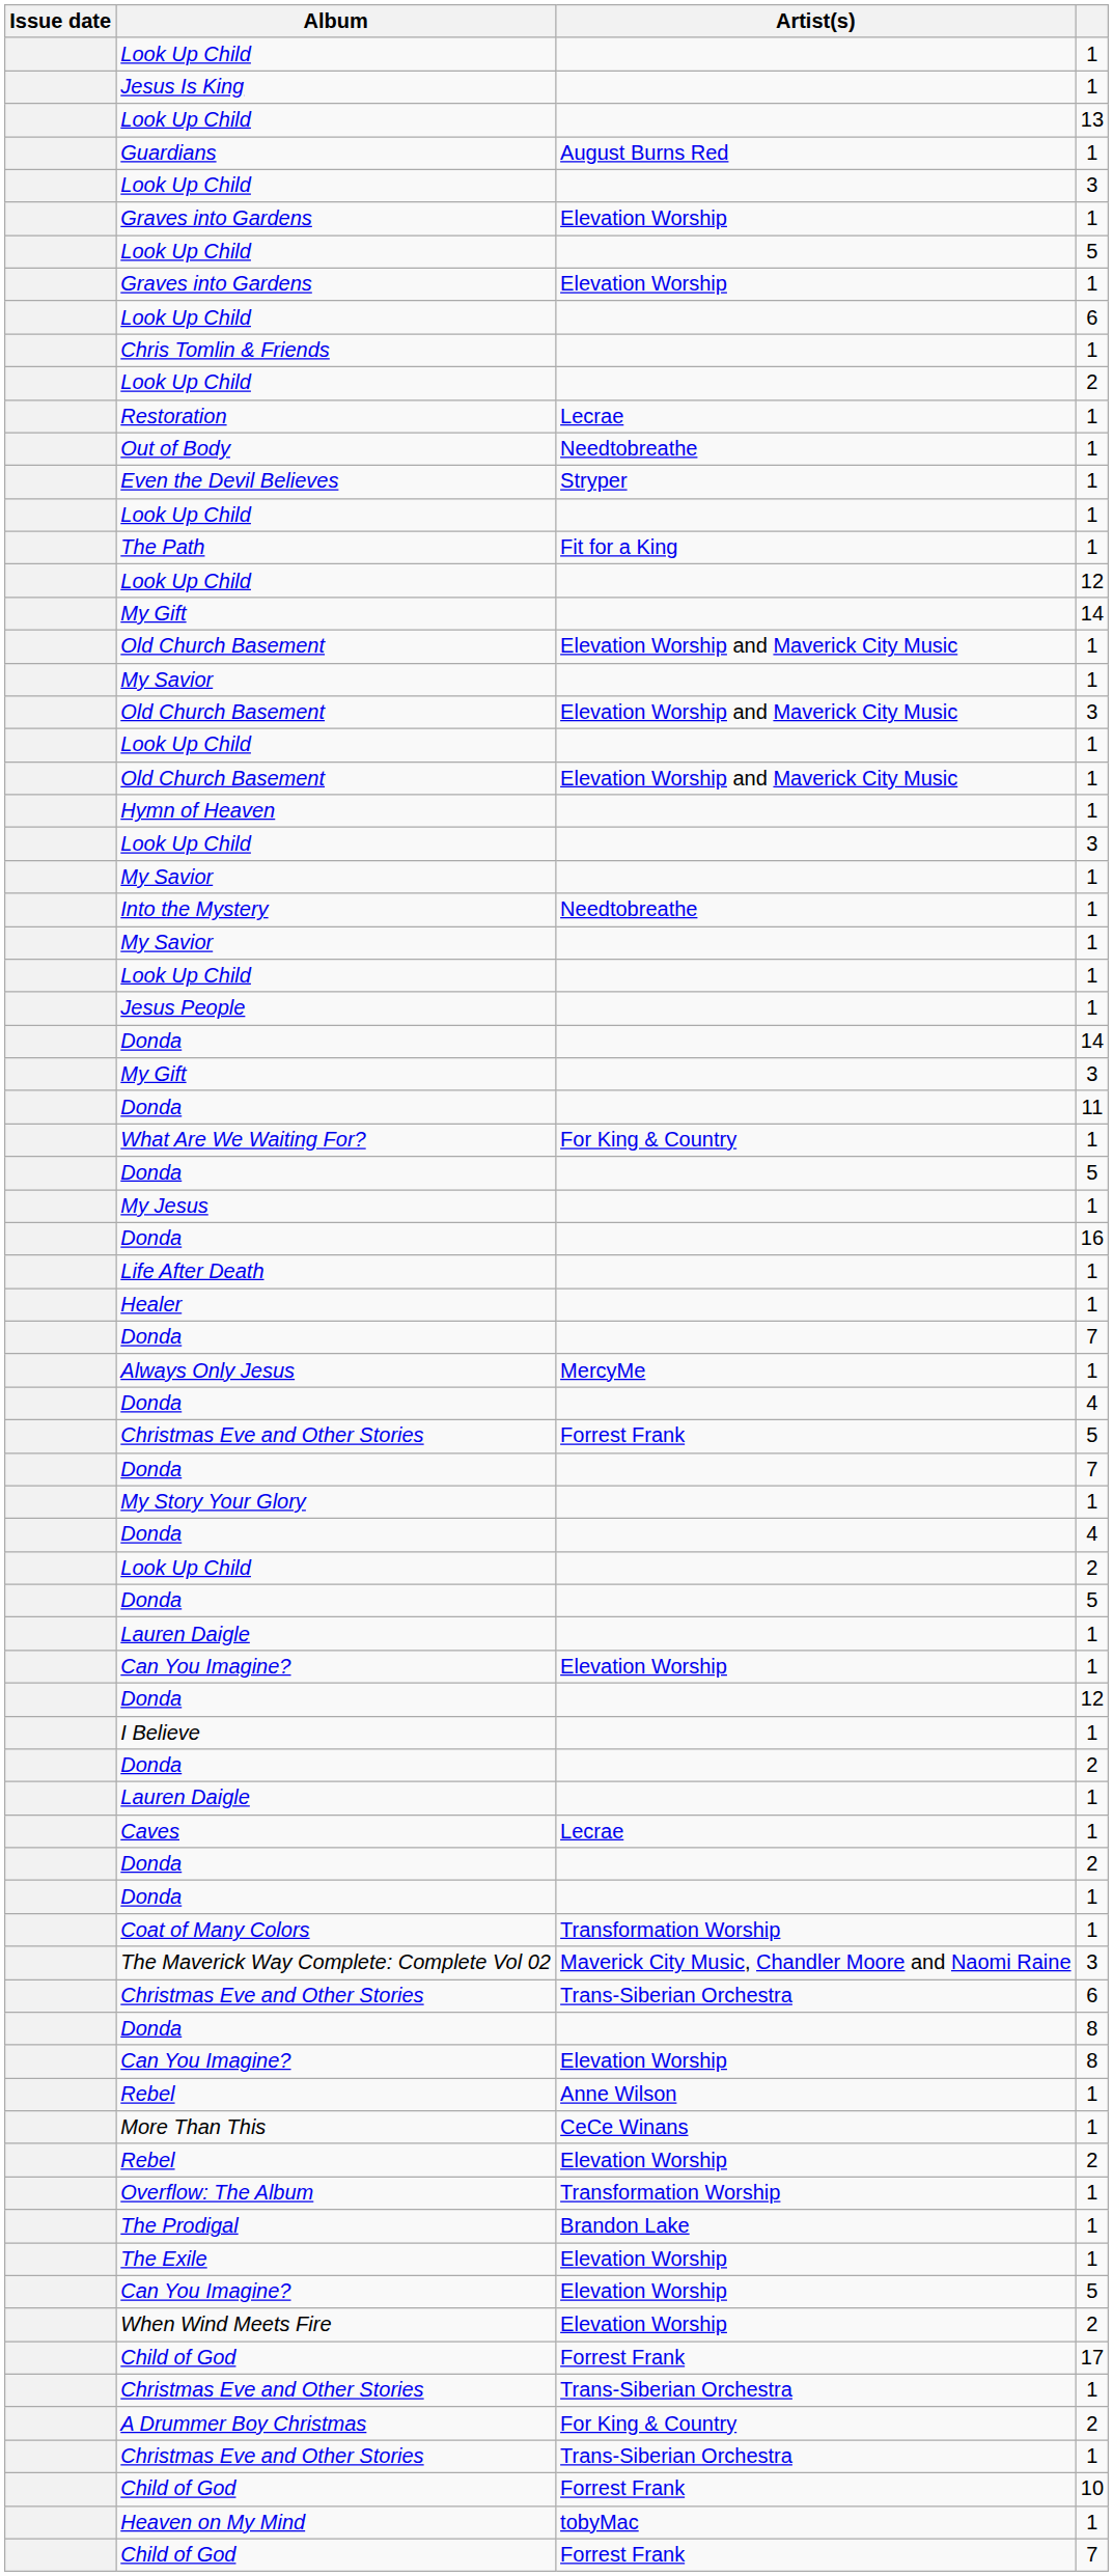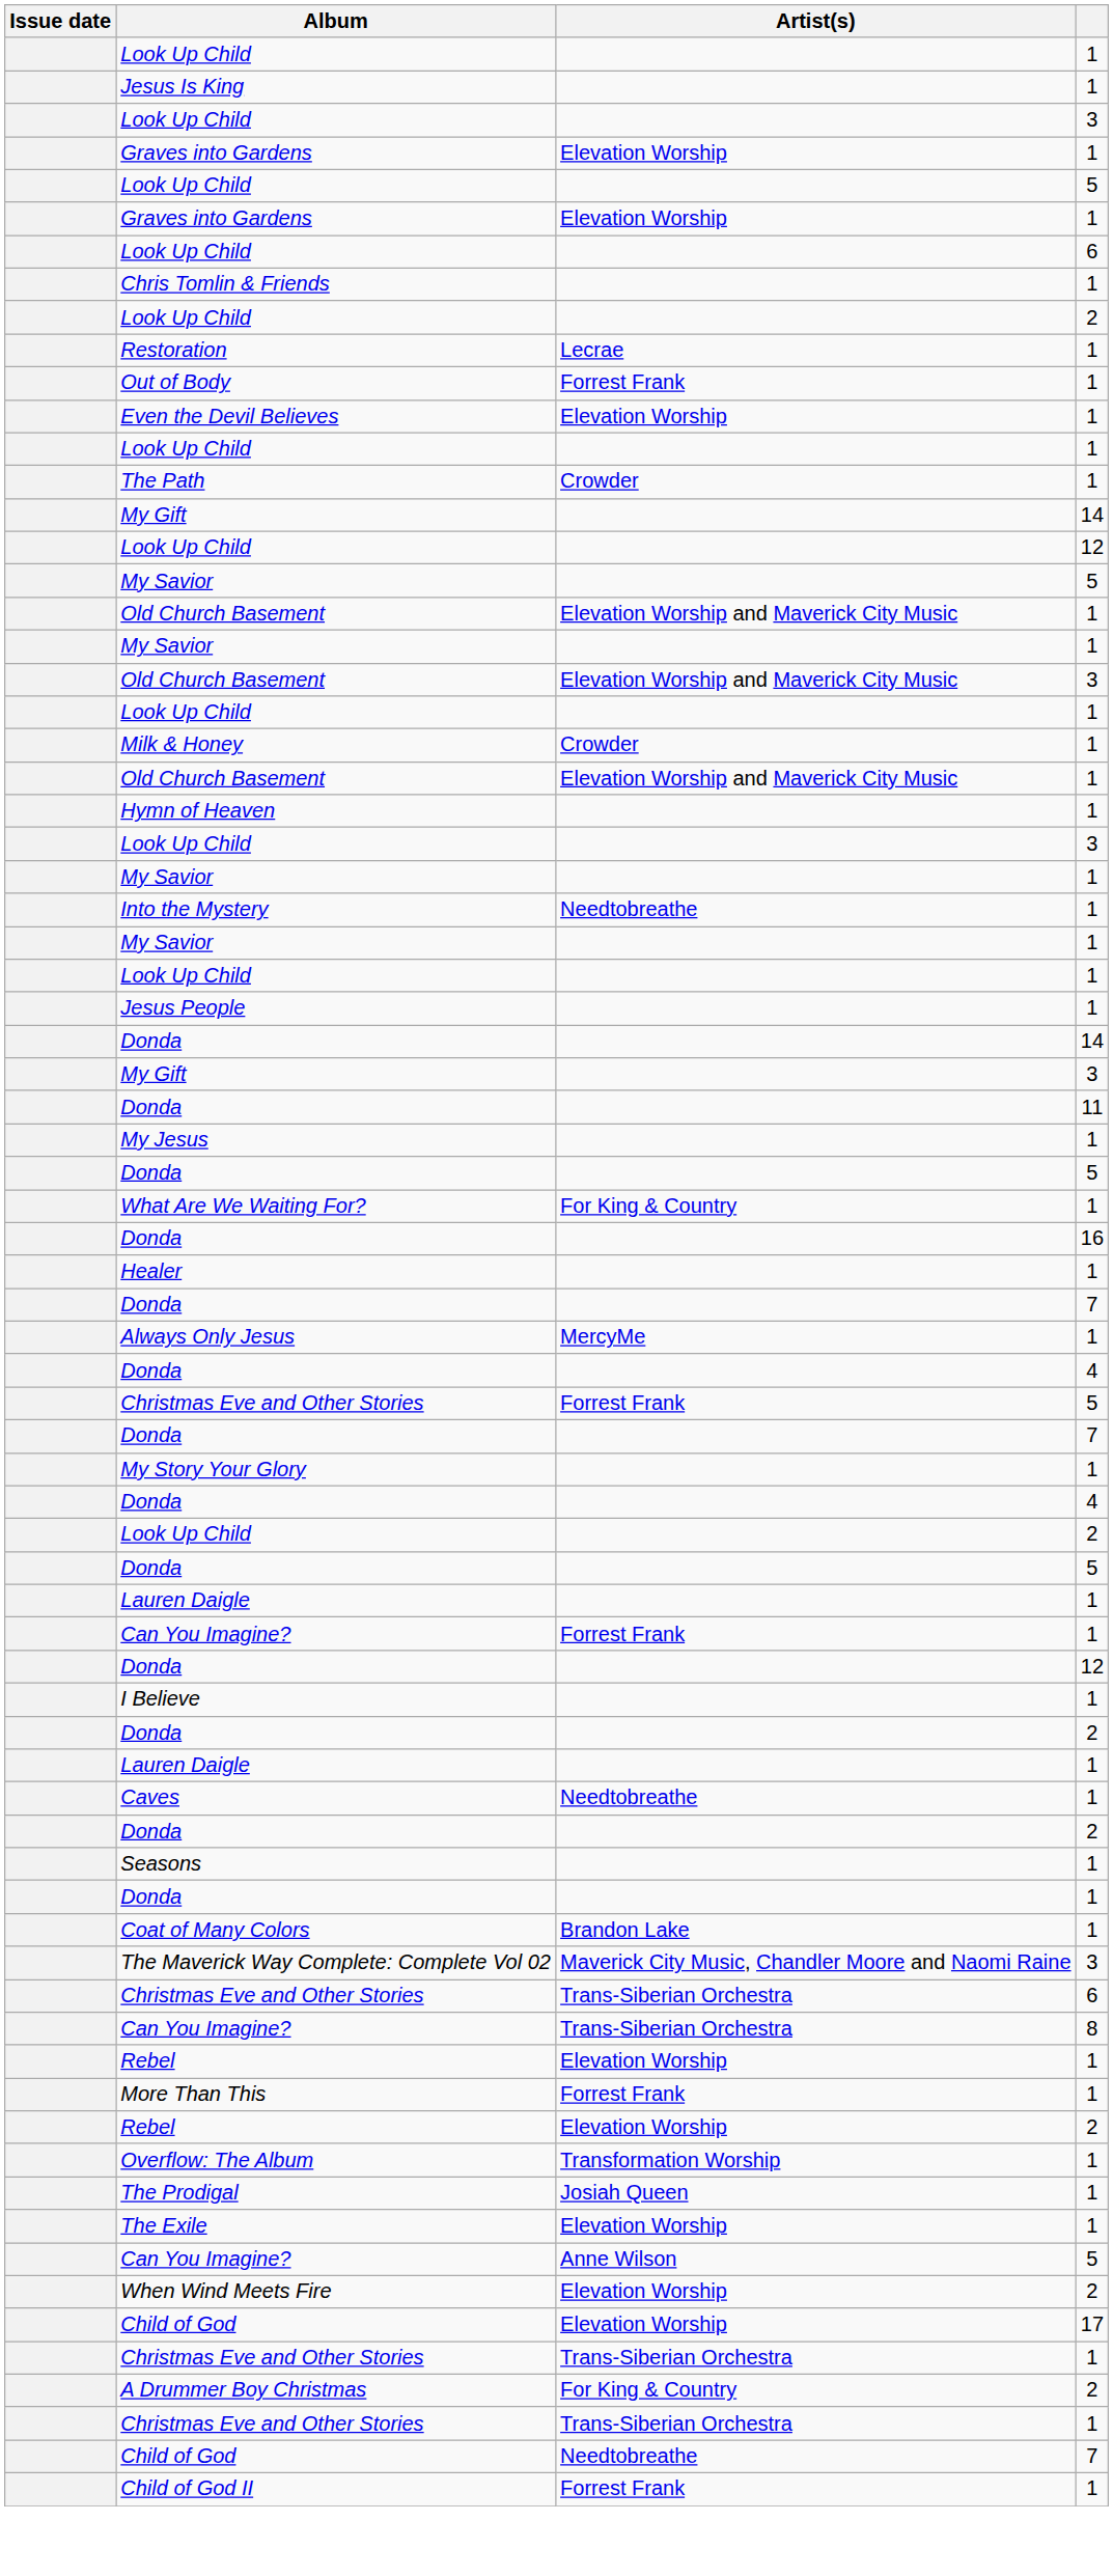 <table class="wikitable sortable plainrowheaders">
 <tr>
 <th scope=col>Issue date</th>
 <th scope=col>Album</th>
 <th scope=col>Artist(s)</th>
 <th scope=col></th>
 </tr>
 <tr>
 <th scope="row"></th>
 <td><em><a href='#'>Look Up Child</a></em></td>
 <td></td>
 <td style="text-align: center;">1</td>
 </tr>
 <tr>
 <th scope="row"></th>
 <td><em><a href='#'>Jesus Is King</a></em></td>
 <td></td>
-<td style="text-align: center;">1</td>
-</tr>
-<tr>
-<th scope="row"></th>
-<td><em><a href='#'>Look Up Child</a></em></td>
-<td></td>
-<td style="text-align: center;">13</td>
-</tr>
-<tr>
-<th scope="row"></th>
-<td><em><a href='#'>Guardians</a></em></td>
-<td><a href='#'>August Burns Red</a></td>
 <td style="text-align: center;">1</td>
 </tr>
 <tr>
 <th scope="row"></th>
 <td><em><a href='#'>Look Up Child</a></em></td>
 <td></td>
 <td style="text-align: center;">3</td>
 </tr>
 <tr>
 <th scope="row"></th>
 <td><em><a href='#'>Graves into Gardens</a></em></td>
 <td><a href='#'>Elevation Worship</a></td>
 <td style="text-align: center;">1</td>
 </tr>
 <tr>
 <th scope="row"></th>
 <td><em><a href='#'>Look Up Child</a></em></td>
 <td></td>
 <td style="text-align: center;">5</td>
 </tr>
 <tr>
 <th scope="row"></th>
 <td><em><a href='#'>Graves into Gardens</a></em></td>
 <td><a href='#'>Elevation Worship</a></td>
 <td style="text-align: center;">1</td>
 </tr>
 <tr>
 <th scope="row"></th>
 <td><em><a href='#'>Look Up Child</a></em></td>
 <td></td>
 <td style="text-align: center;">6</td>
 </tr>
 <tr>
 <th scope="row"></th>
 <td><em><a href='#'>Chris Tomlin & Friends</a></em></td>
 <td></td>
 <td style="text-align: center;">1</td>
 </tr>
 <tr>
 <th scope="row"></th>
 <td><em><a href='#'>Look Up Child</a></em></td>
 <td></td>
 <td style="text-align: center;">2</td>
 </tr>
 <tr>
 <th scope="row"></th>
 <td><em><a href='#'>Restoration</a></em></td>
 <td><a href='#'>Lecrae</a></td>
 <td style="text-align: center;">1</td>
 </tr>
 <tr>
 <th scope="row"></th>
 <td><em><a href='#'>Out of Body</a></em></td>
-<td><a href='#'>Needtobreathe</a></td>
+<td><a href='#'>Forrest Frank</a></td>
 <td style="text-align: center;">1</td>
 </tr>
 <tr>
 <th scope="row"></th>
 <td><em><a href='#'>Even the Devil Believes</a></em></td>
-<td><a href='#'>Stryper</a></td>
+<td><a href='#'>Elevation Worship</a></td>
 <td style="text-align: center;">1</td>
 </tr>
 <tr>
 <th scope="row"></th>
 <td><em><a href='#'>Look Up Child</a></em></td>
 <td></td>
 <td style="text-align: center;">1</td>
 </tr>
 <tr>
 <th scope="row"></th>
 <td><em><a href='#'>The Path</a></em></td>
-<td><a href='#'>Fit for a King</a></td>
+<td><a href='#'>Crowder</a></td>
 <td style="text-align: center;">1</td>
+</tr>
+<tr>
+<th scope="row"></th>
+<td><em><a href='#'>My Gift</a></em></td>
+<td></td>
+<td style="text-align: center;">14</td>
 </tr>
 <tr>
 <th scope="row"></th>
 <td><em><a href='#'>Look Up Child</a></em></td>
 <td></td>
 <td style="text-align: center;">12</td>
 </tr>
 <tr>
 <th scope="row"></th>
-<td><em><a href='#'>My Gift</a></em></td>
+<td><em><a href='#'>My Savior</a></em></td>
 <td></td>
-<td style="text-align: center;">14</td>
+<td style="text-align: center;">5</td>
 </tr>
 <tr>
 <th scope="row"></th>
 <td><em><a href='#'>Old Church Basement</a></em></td>
 <td><a href='#'>Elevation Worship</a> and <a href='#'>Maverick City Music</a></td>
 <td style="text-align: center;">1</td>
 </tr>
 <tr>
 <th scope="row"></th>
 <td><em><a href='#'>My Savior</a></em></td>
 <td></td>
 <td style="text-align: center;">1</td>
 </tr>
 <tr>
 <th scope="row"></th>
 <td><em><a href='#'>Old Church Basement</a></em></td>
 <td><a href='#'>Elevation Worship</a> and <a href='#'>Maverick City Music</a></td>
 <td style="text-align: center;">3</td>
 </tr>
 <tr>
 <th scope="row"></th>
 <td><em><a href='#'>Look Up Child</a></em></td>
 <td></td>
+<td style="text-align: center;">1</td>
+</tr>
+<tr>
+<th scope="row"></th>
+<td><em><a href='#'>Milk & Honey</a></em></td>
+<td><a href='#'>Crowder</a></td>
 <td style="text-align: center;">1</td>
 </tr>
 <tr>
 <th scope="row"></th>
 <td><em><a href='#'>Old Church Basement</a></em></td>
 <td><a href='#'>Elevation Worship</a> and <a href='#'>Maverick City Music</a></td>
 <td style="text-align: center;">1</td>
 </tr>
 <tr>
 <th scope="row"></th>
 <td><em><a href='#'>Hymn of Heaven</a></em></td>
 <td></td>
 <td style="text-align: center;">1</td>
 </tr>
 <tr>
 <th scope="row"></th>
 <td><em><a href='#'>Look Up Child</a></em></td>
 <td></td>
 <td style="text-align: center;">3</td>
 </tr>
 <tr>
 <th scope="row"></th>
 <td><em><a href='#'>My Savior</a></em></td>
 <td></td>
 <td style="text-align: center;">1</td>
 </tr>
 <tr>
 <th scope="row"></th>
 <td><em><a href='#'>Into the Mystery</a></em></td>
 <td><a href='#'>Needtobreathe</a></td>
 <td style="text-align: center;">1</td>
 </tr>
 <tr>
 <th scope="row"></th>
 <td><em><a href='#'>My Savior</a></em></td>
 <td></td>
 <td style="text-align: center;">1</td>
 </tr>
 <tr>
 <th scope="row"></th>
 <td><em><a href='#'>Look Up Child</a></em></td>
 <td></td>
 <td style="text-align: center;">1</td>
 </tr>
 <tr>
 <th scope="row"></th>
 <td><em><a href='#'>Jesus People</a></em></td>
 <td></td>
 <td style="text-align: center;">1</td>
 </tr>
 <tr>
 <th scope="row"></th>
 <td><em><a href='#'>Donda</a></em></td>
 <td></td>
 <td style="text-align: center;">14</td>
 </tr>
 <tr>
 <th scope="row"></th>
 <td><em><a href='#'>My Gift</a></em></td>
 <td></td>
 <td style="text-align: center;">3</td>
 </tr>
 <tr>
 <th scope="row"></th>
 <td><em><a href='#'>Donda</a></em></td>
 <td></td>
 <td style="text-align: center;">11</td>
 </tr>
 <tr>
 <th scope="row"></th>
-<td><em><a href='#'>What Are We Waiting For?</a></em></td>
-<td><a href='#'>For King & Country</a></td>
+<td><em><a href='#'>My Jesus</a></em></td>
+<td></td>
 <td style="text-align: center;">1</td>
 </tr>
 <tr>
 <th scope="row"></th>
 <td><em><a href='#'>Donda</a></em></td>
 <td></td>
 <td style="text-align: center;">5</td>
 </tr>
 <tr>
 <th scope="row"></th>
-<td><em><a href='#'>My Jesus</a></em></td>
-<td></td>
+<td><em><a href='#'>What Are We Waiting For?</a></em></td>
+<td><a href='#'>For King & Country</a></td>
 <td style="text-align: center;">1</td>
 </tr>
 <tr>
 <th scope="row"></th>
 <td><em><a href='#'>Donda</a></em></td>
 <td></td>
 <td style="text-align: center;">16</td>
-</tr>
-<tr>
-<th scope="row"></th>
-<td><em><a href='#'>Life After Death</a></em></td>
-<td></td>
-<td style="text-align: center;">1</td>
 </tr>
 <tr>
 <th scope="row"></th>
 <td><em><a href='#'>Healer</a></em></td>
 <td></td>
 <td style="text-align: center;">1</td>
 </tr>
 <tr>
 <th scope="row"></th>
 <td><em><a href='#'>Donda</a></em></td>
 <td></td>
 <td style="text-align: center;">7</td>
 </tr>
 <tr>
 <th scope="row"></th>
 <td><em><a href='#'>Always Only Jesus</a></em></td>
 <td><a href='#'>MercyMe</a></td>
 <td style="text-align: center;">1</td>
 </tr>
 <tr>
 <th scope="row"></th>
 <td><em><a href='#'>Donda</a></em></td>
 <td></td>
 <td style="text-align: center;">4</td>
 </tr>
 <tr>
 <th scope="row"></th>
 <td><em><a href='#'>Christmas Eve and Other Stories</a></em></td>
 <td><a href='#'>Forrest Frank</a></td>
 <td style="text-align: center;">5</td>
 </tr>
 <tr>
 <th scope="row"></th>
 <td><em><a href='#'>Donda</a></em></td>
 <td></td>
 <td style="text-align: center;">7</td>
 </tr>
 <tr>
 <th scope="row"></th>
 <td><em><a href='#'>My Story Your Glory</a></em></td>
 <td></td>
 <td style="text-align: center;">1</td>
 </tr>
 <tr>
 <th scope="row"></th>
 <td><em><a href='#'>Donda</a></em></td>
 <td></td>
 <td style="text-align: center;">4</td>
 </tr>
 <tr>
 <th scope="row"></th>
 <td><em><a href='#'>Look Up Child</a></em></td>
 <td></td>
 <td style="text-align: center;">2</td>
 </tr>
 <tr>
 <th scope="row"></th>
 <td><em><a href='#'>Donda</a></em></td>
 <td></td>
 <td style="text-align: center;">5</td>
 </tr>
 <tr>
 <th scope="row"></th>
 <td><em><a href='#'>Lauren Daigle</a></em></td>
 <td></td>
 <td style="text-align: center;">1</td>
 </tr>
 <tr>
 <th scope="row"></th>
 <td><em><a href='#'>Can You Imagine?</a></em></td>
-<td><a href='#'>Elevation Worship</a></td>
+<td><a href='#'>Forrest Frank</a></td>
 <td style="text-align: center;">1</td>
 </tr>
 <tr>
 <th scope="row"></th>
 <td><em><a href='#'>Donda</a></em></td>
 <td></td>
 <td style="text-align: center;">12</td>
 </tr>
 <tr>
 <th scope="row"></th>
 <td><em>I Believe</em></td>
 <td></td>
 <td style="text-align: center;">1</td>
 </tr>
 <tr>
 <th scope="row"></th>
 <td><em><a href='#'>Donda</a></em></td>
 <td></td>
 <td style="text-align: center;">2</td>
 </tr>
 <tr>
 <th scope="row"></th>
 <td><em><a href='#'>Lauren Daigle</a></em></td>
 <td></td>
 <td style="text-align: center;">1</td>
 </tr>
 <tr>
 <th scope="row"></th>
 <td><em><a href='#'>Caves</a></em></td>
-<td><a href='#'>Lecrae</a></td>
+<td><a href='#'>Needtobreathe</a></td>
 <td style="text-align: center;">1</td>
 </tr>
 <tr>
 <th scope="row"></th>
 <td><em><a href='#'>Donda</a></em></td>
 <td></td>
 <td style="text-align: center;">2</td>
 </tr>
 <tr>
 <th scope="row"></th>
+<td><em>Seasons</em></td>
+<td></td>
+<td style="text-align: center;">1</td>
+</tr>
+<tr>
+<th scope="row"></th>
 <td><em><a href='#'>Donda</a></em></td>
 <td></td>
 <td style="text-align: center;">1</td>
 </tr>
 <tr>
 <th scope="row"></th>
 <td><em><a href='#'>Coat of Many Colors</a></em></td>
-<td><a href='#'>Transformation Worship</a></td>
+<td><a href='#'>Brandon Lake</a></td>
 <td style="text-align: center;">1</td>
 </tr>
 <tr>
 <th scope="row"></th>
 <td><em>The Maverick Way Complete: Complete Vol 02</em></td>
 <td><a href='#'>Maverick City Music</a>, <a href='#'>Chandler Moore</a> and <a href='#'>Naomi Raine</a></td>
 <td style="text-align: center;">3</td>
 </tr>
 <tr>
 <th scope="row"></th>
 <td><em><a href='#'>Christmas Eve and Other Stories</a></em></td>
 <td><a href='#'>Trans-Siberian Orchestra</a></td>
 <td style="text-align: center;">6</td>
 </tr>
 <tr>
 <th scope="row"></th>
-<td><em><a href='#'>Donda</a></em></td>
-<td></td>
-<td style="text-align: center;">8</td>
-</tr>
-<tr>
-<th scope="row"></th>
 <td><em><a href='#'>Can You Imagine?</a></em></td>
-<td><a href='#'>Elevation Worship</a></td>
+<td><a href='#'>Trans-Siberian Orchestra</a></td>
 <td style="text-align: center;">8</td>
 </tr>
 <tr>
 <th scope="row"></th>
 <td><em><a href='#'>Rebel</a></em></td>
-<td><a href='#'>Anne Wilson</a></td>
+<td><a href='#'>Elevation Worship</a></td>
 <td style="text-align: center;">1</td>
 </tr>
 <tr>
 <th scope="row"></th>
 <td><em>More Than This </em></td>
-<td><a href='#'>CeCe Winans</a></td>
+<td><a href='#'>Forrest Frank</a></td>
 <td style="text-align: center;">1</td>
 </tr>
 <tr>
 <th scope="row"></th>
 <td><em><a href='#'>Rebel</a></em></td>
 <td><a href='#'>Elevation Worship</a></td>
 <td style="text-align: center;">2</td>
 </tr>
 <tr>
 <th scope="row"></th>
 <td><em><a href='#'>Overflow: The Album</a></em></td>
 <td><a href='#'>Transformation Worship</a></td>
 <td style="text-align: center;">1</td>
 </tr>
 <tr>
 <th scope="row"></th>
 <td><em><a href='#'>The Prodigal</a></em></td>
-<td><a href='#'>Brandon Lake</a></td>
+<td><a href='#'>Josiah Queen</a></td>
 <td style="text-align: center;">1</td>
 </tr>
 <tr>
 <th scope="row"></th>
 <td><em><a href='#'>The Exile</a></em></td>
 <td><a href='#'>Elevation Worship</a></td>
 <td style="text-align: center;">1</td>
 </tr>
 <tr>
 <th scope="row"></th>
 <td><em><a href='#'>Can You Imagine?</a></em></td>
-<td><a href='#'>Elevation Worship</a></td>
+<td><a href='#'>Anne Wilson</a></td>
 <td style="text-align: center;">5</td>
 </tr>
 <tr>
 <th scope="row"></th>
 <td><em>When Wind Meets Fire</em></td>
 <td><a href='#'>Elevation Worship</a></td>
 <td style="text-align: center;">2</td>
 </tr>
 <tr>
 <th scope="row"></th>
 <td><em><a href='#'>Child of God</a></em></td>
-<td><a href='#'>Forrest Frank</a></td>
+<td><a href='#'>Elevation Worship</a></td>
 <td style="text-align: center;">17</td>
 </tr>
 <tr>
 <th scope="row"></th>
 <td><em><a href='#'>Christmas Eve and Other Stories</a></em></td>
 <td><a href='#'>Trans-Siberian Orchestra</a></td>
 <td style="text-align: center;">1</td>
 </tr>
 <tr>
 <th scope="row"></th>
 <td><em><a href='#'>A Drummer Boy Christmas</a></em></td>
 <td><a href='#'>For King & Country</a></td>
 <td style="text-align: center;">2</td>
 </tr>
 <tr>
 <th scope="row"></th>
 <td><em><a href='#'>Christmas Eve and Other Stories</a></em></td>
 <td><a href='#'>Trans-Siberian Orchestra</a></td>
 <td style="text-align: center;">1</td>
 </tr>
 <tr>
 <th scope="row"></th>
 <td><em><a href='#'>Child of God</a></em></td>
-<td><a href='#'>Forrest Frank</a></td>
-<td style="text-align: center;">10</td>
+<td><a href='#'>Needtobreathe</a></td>
+<td style="text-align: center;">7</td>
 </tr>
 <tr>
 <th scope="row"></th>
-<td><em><a href='#'>Heaven on My Mind</a></em></td>
-<td><a href='#'>tobyMac</a></td>
+<td><em><a href='#'>Child of God II</a></em></td>
+<td><a href='#'>Forrest Frank</a></td>
 <td style="text-align: center;">1</td>
 </tr>
-<tr>
-<th scope="row"></th>
-<td><em><a href='#'>Child of God</a></em></td>
-<td><a href='#'>Forrest Frank</a></td>
-<td style="text-align: center;">7</td>
-</tr>
 </table>
